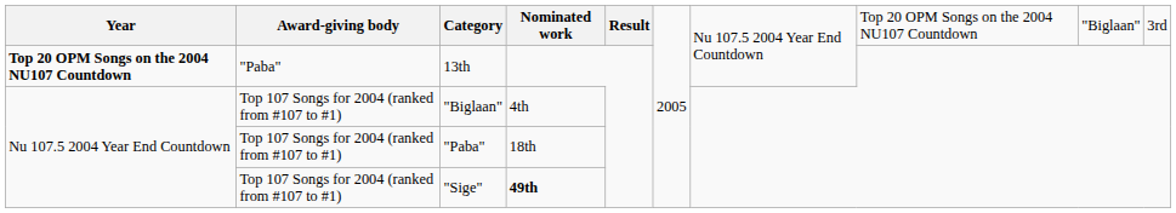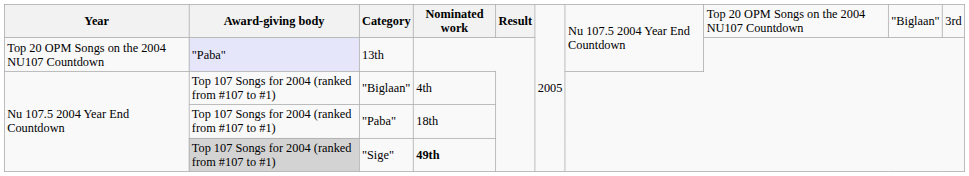 <table class="wikitable">
 <tr>
 <th>Year</th>
 <th>Award-giving body</th>
 <th>Category</th>
 <th>Nominated work</th>
 <th>Result</th>
 <td rowspan=5>2005</td>
 <td rowspan=2>Nu 107.5 2004 Year End Countdown</td>
 <td>Top 20 OPM Songs on the 2004 NU107 Countdown</td>
 <td>"Biglaan"</td>
 <td>3rd</td>
 </tr>
 <tr>
-<td><strong>Top 20 OPM Songs on the 2004 NU107 Countdown</strong></td>
-<td>"Paba"</td>
+<td>Top 20 OPM Songs on the 2004 NU107 Countdown</td>
+<td style="background: lavender;">"Paba"</td>
 <td>13th</td>
 </tr>
 <tr>
 <td rowspan=3>Nu 107.5 2004 Year End Countdown</td>
 <td>Top 107 Songs for 2004 (ranked from #107 to #1)</td>
 <td>"Biglaan"</td>
 <td>4th</td>
 </tr>
 <tr>
 <td>Top 107 Songs for 2004 (ranked from #107 to #1)</td>
 <td>"Paba"</td>
 <td>18th</td>
 </tr>
 <tr>
-<td>Top 107 Songs for 2004 (ranked from #107 to #1)</td>
+<td style="background: lightgrey;">Top 107 Songs for 2004 (ranked from #107 to #1)</td>
 <td>"Sige"</td>
 <td><strong>49th</strong></td>
 </tr>
 </table>
